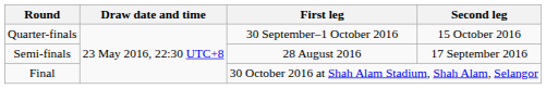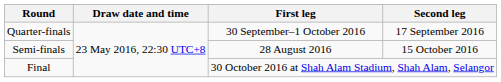 <table class="wikitable" style="text-align:center">
 <tr>
 <th>Round</th>
 <th>Draw date and time</th>
 <th>First leg</th>
 <th>Second leg</th>
 </tr>
 <tr>
 <td>Quarter-finals</td>
 <td rowspan=3>23 May 2016, 22:30 <a href='#'>UTC+8</a></td>
 <td>30 September–1 October 2016</td>
-<td>15 October 2016</td>
+<td>17 September 2016</td>
 </tr>
 <tr>
 <td>Semi-finals</td>
 <td>28 August 2016</td>
-<td>17 September 2016</td>
+<td>15 October 2016</td>
 </tr>
 <tr>
 <td>Final</td>
 <td colspan=2>30 October 2016 at <a href='#'>Shah Alam Stadium</a>, <a href='#'>Shah Alam</a>, <a href='#'>Selangor</a></td>
 </tr>
 </table>
